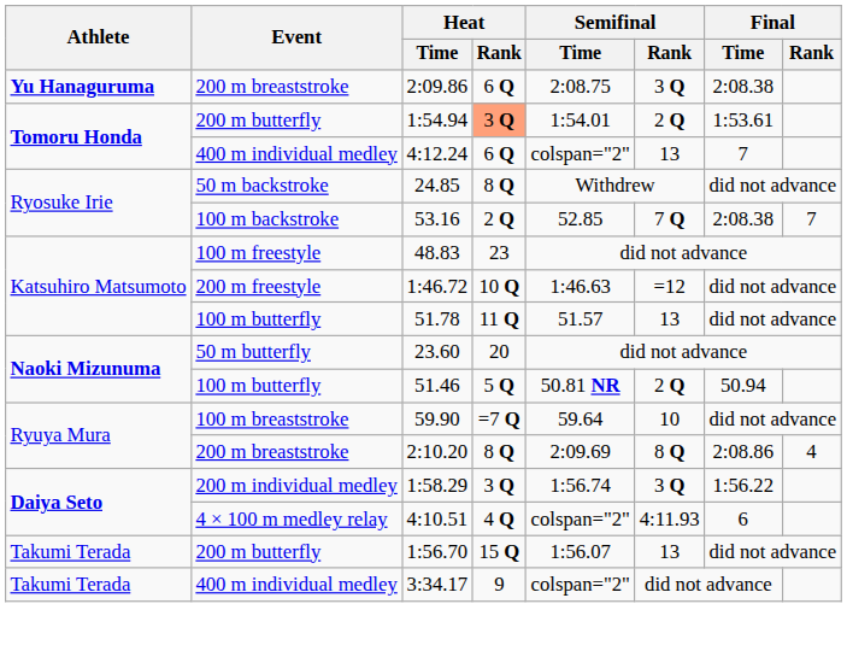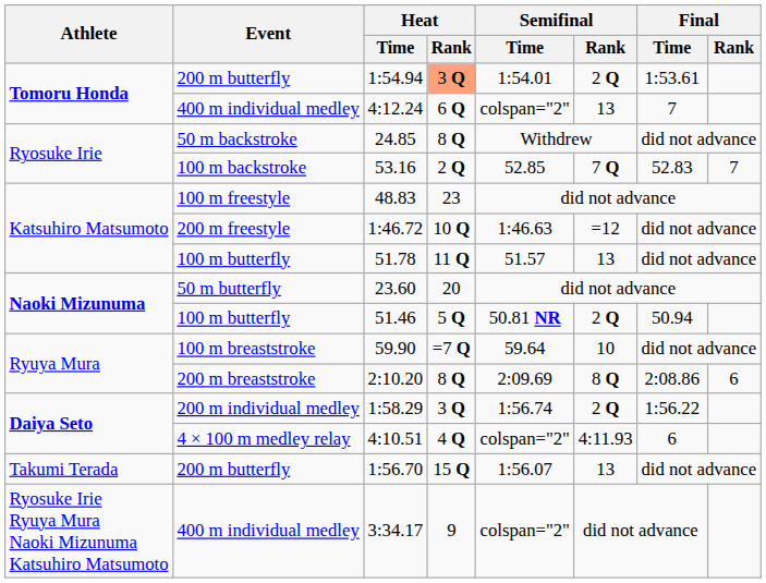 <table class="wikitable" style="text-align:center; font-size:90%">
 <tr>
 <th rowspan="2">Athlete</th>
 <th rowspan="2">Event</th>
 <th colspan="2">Heat</th>
 <th colspan="2">Semifinal</th>
 <th colspan="2">Final</th>
 </tr>
 <tr style="font-size:95%">
 <th>Time</th>
 <th>Rank</th>
 <th>Time</th>
 <th>Rank</th>
 <th>Time</th>
 <th>Rank</th>
-</tr>
-<tr align=center>
-<td align=left><strong><a href='#'>Yu Hanaguruma</a></strong></td>
-<td align=left><a href='#'>200 m breaststroke</a></td>
-<td>2:09.86</td>
-<td>6 <strong>Q</strong></td>
-<td>2:08.75</td>
-<td>3 <strong>Q</strong></td>
-<td>2:08.38</td>
-<td></td>
 </tr>
 <tr align=center>
 <td align=left rowspan="2"><strong><a href='#'>Tomoru Honda</a></strong></td>
 <td align=left><a href='#'>200 m butterfly</a></td>
 <td>1:54.94</td>
 <td style="background: lightsalmon;">3 <strong>Q</strong></td>
 <td>1:54.01</td>
 <td>2 <strong>Q</strong></td>
 <td>1:53.61</td>
 <td></td>
 </tr>
 <tr align=center>
 <td align=left><a href='#'>400 m individual medley</a></td>
 <td>4:12.24</td>
 <td>6 <strong>Q</strong></td>
 <td>colspan="2" </td>
 <td>13</td>
 <td>7</td>
 </tr>
 <tr align=center>
 <td align=left rowspan="2"><a href='#'>Ryosuke Irie</a></td>
 <td align=left><a href='#'>50 m backstroke</a></td>
 <td>24.85</td>
 <td>8 <strong>Q</strong></td>
 <td colspan="2">Withdrew</td>
 <td colspan="2">did not advance</td>
 </tr>
 <tr align=center>
 <td align=left><a href='#'>100 m backstroke</a></td>
 <td>53.16</td>
 <td>2 <strong>Q</strong></td>
 <td>52.85</td>
 <td>7 <strong>Q</strong></td>
-<td>2:08.38</td>
+<td>52.83</td>
 <td>7</td>
 </tr>
 <tr align=center>
 <td align=left rowspan="3"><a href='#'>Katsuhiro Matsumoto</a></td>
 <td align=left><a href='#'>100 m freestyle</a></td>
 <td>48.83</td>
 <td>23</td>
 <td colspan="4">did not advance</td>
 </tr>
 <tr align=center>
 <td align=left><a href='#'>200 m freestyle</a></td>
 <td>1:46.72</td>
 <td>10 <strong>Q</strong></td>
 <td>1:46.63</td>
 <td>=12</td>
 <td colspan="2">did not advance</td>
 </tr>
 <tr align=center>
 <td align=left><a href='#'>100 m butterfly</a></td>
 <td>51.78</td>
 <td>11 <strong>Q</strong></td>
 <td>51.57</td>
 <td>13</td>
 <td colspan="2">did not advance</td>
 </tr>
 <tr align=center>
 <td align=left rowspan="2"><strong><a href='#'>Naoki Mizunuma</a></strong></td>
 <td align=left><a href='#'>50 m butterfly</a></td>
 <td>23.60</td>
 <td>20</td>
 <td colspan="4">did not advance</td>
 </tr>
 <tr align=center>
 <td align=left><a href='#'>100 m butterfly</a></td>
 <td>51.46</td>
 <td>5 <strong>Q</strong></td>
 <td>50.81 <strong><a href='#'>NR</a></strong></td>
 <td>2 <strong>Q</strong></td>
 <td>50.94</td>
 <td></td>
 </tr>
 <tr align=center>
 <td align=left rowspan="2"><a href='#'>Ryuya Mura</a></td>
 <td align=left><a href='#'>100 m breaststroke</a></td>
 <td>59.90</td>
 <td>=7 <strong>Q</strong></td>
 <td>59.64</td>
 <td>10</td>
 <td colspan="2">did not advance</td>
 </tr>
 <tr align=center>
 <td align=left><a href='#'>200 m breaststroke</a></td>
 <td>2:10.20</td>
 <td>8 <strong>Q</strong></td>
 <td>2:09.69</td>
 <td>8 <strong>Q</strong></td>
 <td>2:08.86</td>
-<td>4</td>
+<td>6</td>
 </tr>
 <tr align=center>
 <td align=left rowspan="2"><strong><a href='#'>Daiya Seto</a></strong></td>
 <td align=left><a href='#'>200 m individual medley</a></td>
 <td>1:58.29</td>
 <td>3 <strong>Q</strong></td>
 <td>1:56.74</td>
-<td>3 <strong>Q</strong></td>
+<td>2 <strong>Q</strong></td>
 <td>1:56.22</td>
 <td></td>
 </tr>
 <tr align=center>
 <td align=left><a href='#'>4 × 100 m medley relay</a></td>
 <td>4:10.51</td>
 <td>4 <strong>Q</strong></td>
 <td>colspan="2" </td>
 <td>4:11.93</td>
 <td>6</td>
 </tr>
 <tr align=center>
 <td align=left><a href='#'>Takumi Terada</a></td>
 <td align=left><a href='#'>200 m butterfly</a></td>
 <td>1:56.70</td>
 <td>15 <strong>Q</strong></td>
 <td>1:56.07</td>
 <td>13</td>
 <td colspan="2">did not advance</td>
 </tr>
 <tr align=center>
-<td align=left><a href='#'>Takumi Terada</a></td>
+<td align=left><a href='#'>Ryosuke Irie</a><br><a href='#'>Ryuya Mura</a><br><a href='#'>Naoki Mizunuma</a><br><a href='#'>Katsuhiro Matsumoto</a></td>
 <td align=left><a href='#'>400 m individual medley</a></td>
 <td>3:34.17</td>
 <td>9</td>
 <td>colspan="2" </td>
 <td colspan="2">did not advance</td>
 </tr>
 </table>
